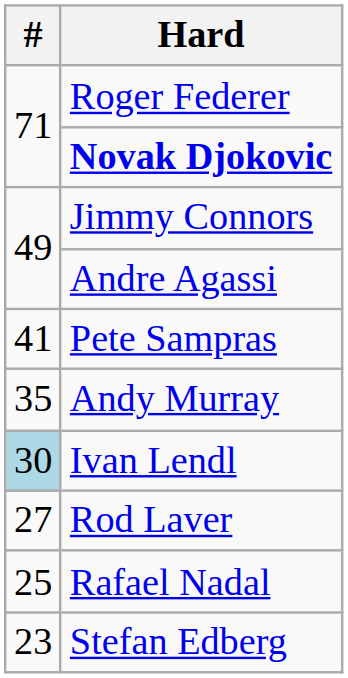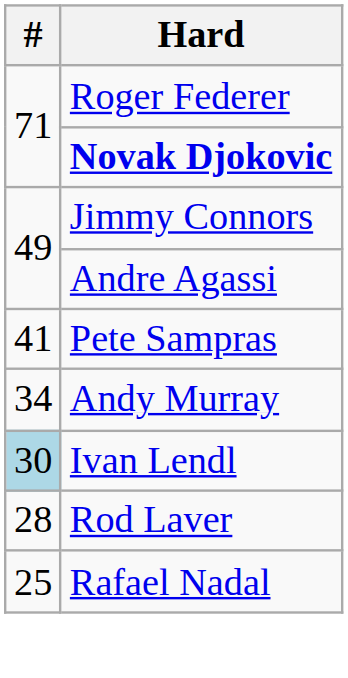 <table class=wikitable style="display:inline-table;">
 <tr>
 <th>#</th>
 <th>Hard</th>
 </tr>
 <tr>
 <td rowspan="2">71</td>
 <td> <a href='#'>Roger Federer</a></td>
 </tr>
 <tr>
 <td> <strong><a href='#'>Novak Djokovic</a></strong></td>
 </tr>
 <tr>
 <td rowspan="2">49</td>
 <td> <a href='#'>Jimmy Connors</a></td>
 </tr>
 <tr>
 <td> <a href='#'>Andre Agassi</a></td>
 </tr>
 <tr>
 <td>41</td>
 <td> <a href='#'>Pete Sampras</a></td>
 </tr>
 <tr>
-<td>35</td>
+<td>34</td>
 <td> <a href='#'>Andy Murray</a></td>
 </tr>
 <tr>
 <td style="background: lightblue;">30</td>
 <td> <a href='#'>Ivan Lendl</a></td>
 </tr>
 <tr>
-<td>27</td>
+<td>28</td>
 <td> <a href='#'>Rod Laver</a></td>
 </tr>
 <tr>
 <td>25</td>
 <td> <a href='#'>Rafael Nadal</a></td>
 </tr>
-<tr>
-<td>23</td>
-<td> <a href='#'>Stefan Edberg</a></td>
-</tr>
 </table>
